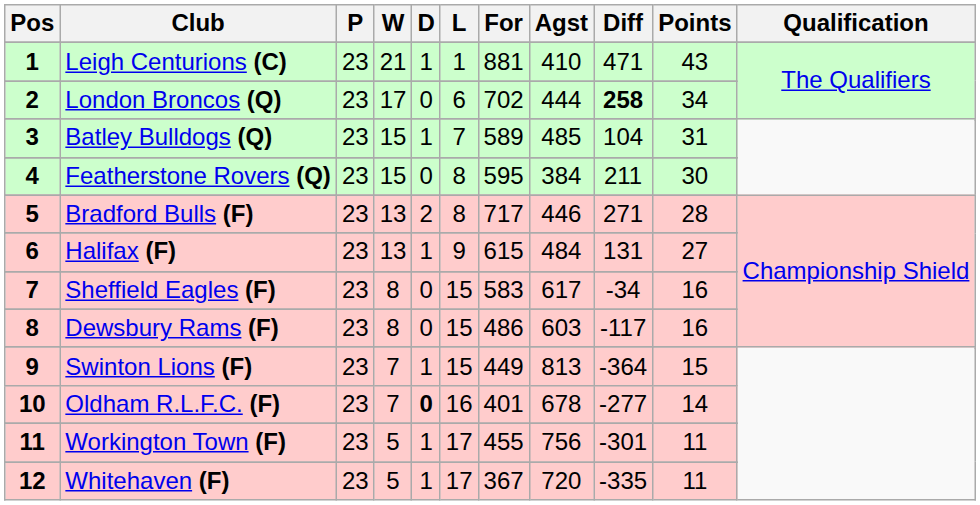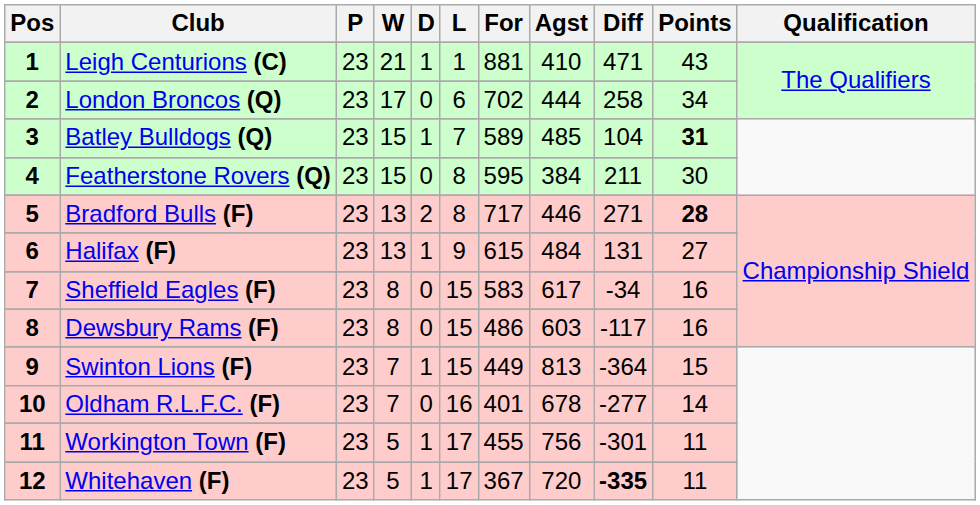 <table class="wikitable" style="text-align:center;">
 <tr>
 <th><strong>Pos</strong></th>
 <th><strong>Club</strong></th>
 <th><strong>P</strong></th>
 <th><strong>W</strong></th>
 <th><strong>D</strong></th>
 <th><strong>L</strong></th>
 <th><strong>For</strong></th>
 <th><strong>Agst</strong></th>
 <th><strong>Diff</strong></th>
 <th><strong>Points</strong></th>
 <th><strong>Qualification</strong></th>
 </tr>
 <tr --->
 </tr>
 <tr align=center style="background:#ccffcc;">
 <td><strong>1</strong></td>
 <td style="text-align:left;"> <a href='#'>Leigh Centurions</a> <strong>(C)</strong></td>
 <td>23</td>
 <td>21</td>
 <td>1</td>
 <td>1</td>
 <td>881</td>
 <td>410</td>
 <td>471</td>
 <td>43</td>
 <td rowspan=4><a href='#'>The Qualifiers</a></td>
 </tr>
 <tr --->
 </tr>
 <tr align=center style="background:#ccffcc;">
 <td><strong>2</strong></td>
 <td style="text-align:left;"> <a href='#'>London Broncos</a> <strong>(Q)</strong></td>
 <td>23</td>
 <td>17</td>
 <td>0</td>
 <td>6</td>
 <td>702</td>
 <td>444</td>
-<td><strong>258</strong></td>
+<td>258</td>
 <td>34</td>
 </tr>
 <tr -->
 </tr>
 <tr align=center style="background:#ccffcc;">
 <td><strong>3</strong></td>
 <td style="text-align:left;"> <a href='#'>Batley Bulldogs</a> <strong>(Q)</strong></td>
 <td>23</td>
 <td>15</td>
 <td>1</td>
 <td>7</td>
 <td>589</td>
 <td>485</td>
 <td>104</td>
-<td>31</td>
+<td><strong>31</strong></td>
 </tr>
 <tr --->
 </tr>
 <tr align=center style="background:#ccffcc">
 <td><strong>4</strong></td>
 <td style="text-align:left;"> <a href='#'>Featherstone Rovers</a> <strong>(Q)</strong></td>
 <td>23</td>
 <td>15</td>
 <td>0</td>
 <td>8</td>
 <td>595</td>
 <td>384</td>
 <td>211</td>
 <td>30</td>
 </tr>
 <tr --->
 </tr>
 <tr align=center style="background:#FFCCCC;">
 <td><strong>5</strong></td>
 <td style="text-align:left;"> <a href='#'>Bradford Bulls</a> <strong>(F)</strong></td>
 <td>23</td>
 <td>13</td>
 <td>2</td>
 <td>8</td>
 <td>717</td>
 <td>446</td>
 <td>271</td>
-<td>28</td>
+<td><strong>28</strong></td>
 <td rowspan=8><a href='#'>Championship Shield</a></td>
 </tr>
 <tr --->
 </tr>
 <tr align=center style="background:#FFCCCC">
 <td><strong>6</strong></td>
 <td style="text-align:left;"> <a href='#'>Halifax</a> <strong>(F)</strong></td>
 <td>23</td>
 <td>13</td>
 <td>1</td>
 <td>9</td>
 <td>615</td>
 <td>484</td>
 <td>131</td>
 <td>27</td>
 </tr>
 <tr --->
 </tr>
 <tr align=center style="background:#FFCCCC">
 <td><strong>7</strong></td>
 <td style="text-align:left;"> <a href='#'>Sheffield Eagles</a> <strong>(F)</strong></td>
 <td>23</td>
 <td>8</td>
 <td>0</td>
 <td>15</td>
 <td>583</td>
 <td>617</td>
 <td>-34</td>
 <td>16</td>
 </tr>
 <tr --->
 </tr>
 <tr align=center style="background:#FFCCCC">
 <td><strong>8</strong></td>
 <td style="text-align:left;"> <a href='#'>Dewsbury Rams</a> <strong>(F)</strong></td>
 <td>23</td>
 <td>8</td>
 <td>0</td>
 <td>15</td>
 <td>486</td>
 <td>603</td>
 <td>-117</td>
 <td>16</td>
 </tr>
 <tr --->
 </tr>
 <tr align=center style="background:#FFCCCC">
 <td><strong>9</strong></td>
 <td style="text-align:left;"> <a href='#'>Swinton Lions</a> <strong>(F)</strong></td>
 <td>23</td>
 <td>7</td>
 <td>1</td>
 <td>15</td>
 <td>449</td>
 <td>813</td>
 <td>-364</td>
 <td>15</td>
 </tr>
 <tr align=center style="background:#FFCCCC">
 <td><strong>10</strong></td>
 <td style="text-align:left;"> <a href='#'>Oldham R.L.F.C.</a> <strong>(F)</strong></td>
 <td>23</td>
 <td>7</td>
-<td><strong>0</strong></td>
+<td>0</td>
 <td>16</td>
 <td>401</td>
 <td>678</td>
 <td>-277</td>
 <td>14</td>
 </tr>
 <tr --->
 </tr>
 <tr align=center style="background:#FFCCCC">
 <td><strong>11</strong></td>
 <td style="text-align:left;"> <a href='#'>Workington Town</a> <strong>(F)</strong></td>
 <td>23</td>
 <td>5</td>
 <td>1</td>
 <td>17</td>
 <td>455</td>
 <td>756</td>
 <td>-301</td>
 <td>11</td>
 </tr>
 <tr --->
 </tr>
 <tr align=center style="background:#FFCCCC;">
 <td><strong>12</strong></td>
 <td style="text-align:left;"> <a href='#'>Whitehaven</a> <strong>(F)</strong></td>
 <td>23</td>
 <td>5</td>
 <td>1</td>
 <td>17</td>
 <td>367</td>
 <td>720</td>
-<td>-335</td>
+<td><strong>-335</strong></td>
 <td>11</td>
 </tr>
 </table>
